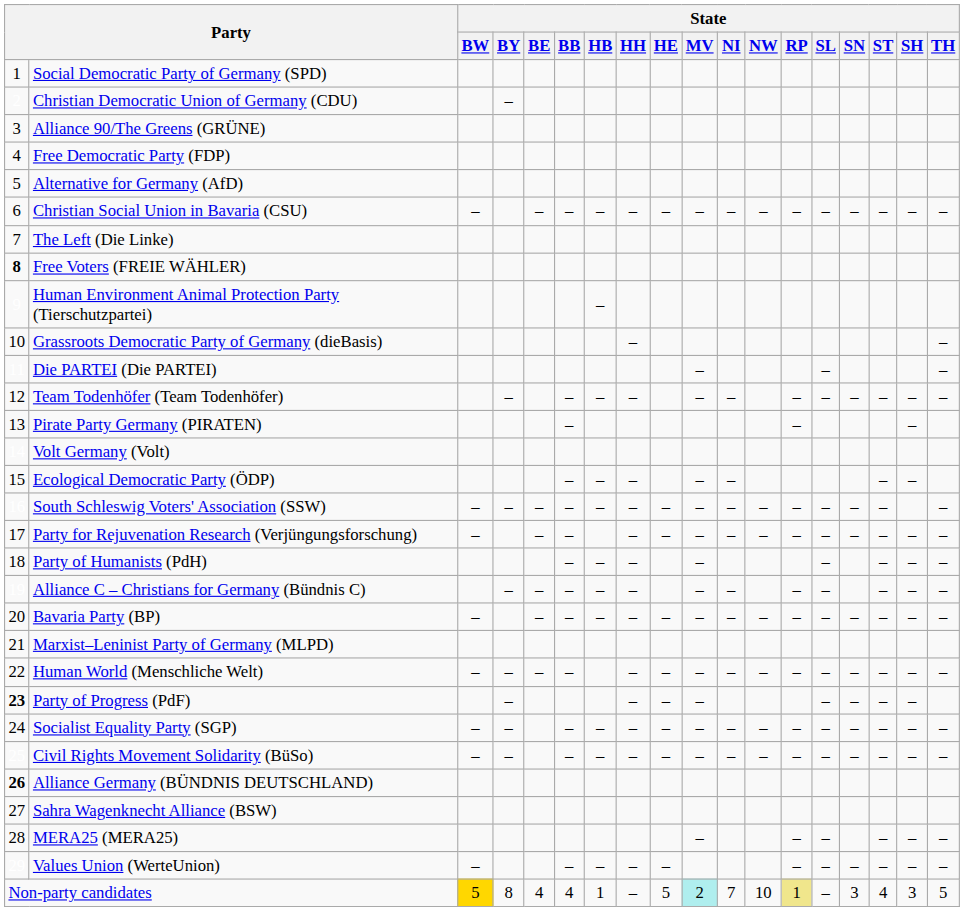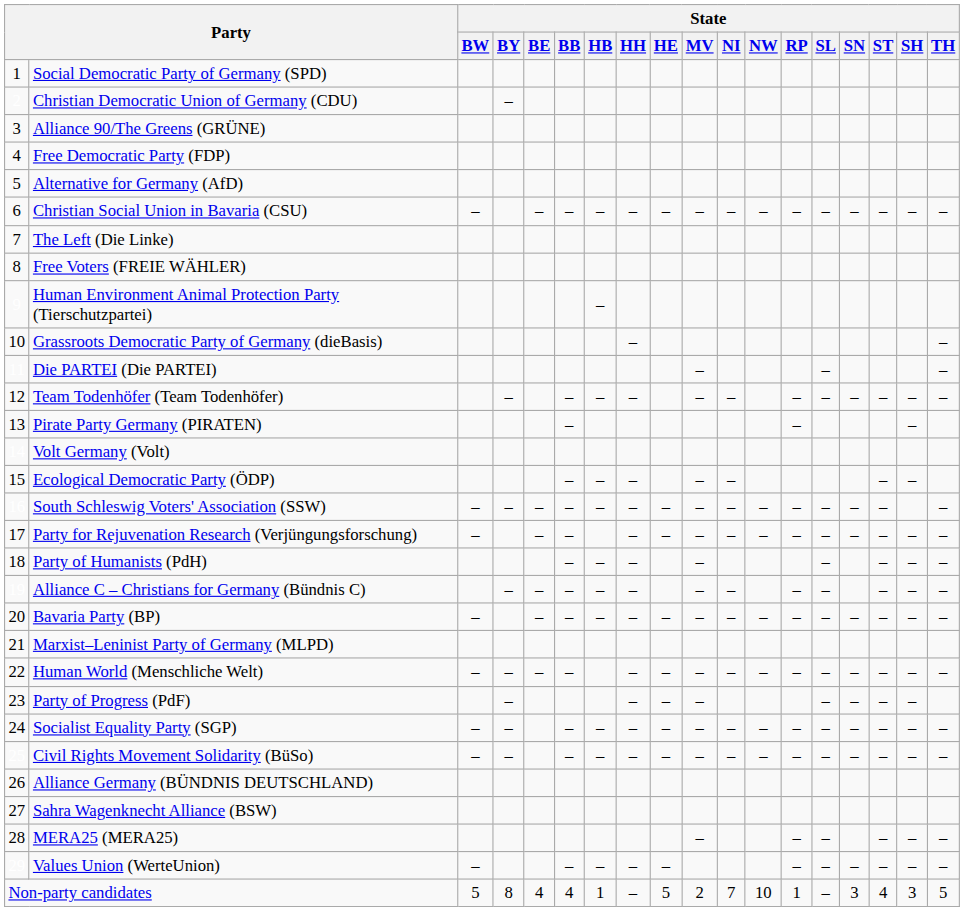 <table class="wikitable" style="font-size:95%; text-align:center">
 <tr>
 <th colspan="2" rowspan="2">Party</th>
 <th colspan="16">State</th>
 </tr>
 <tr>
 <th style="width:18px"><a href='#'>BW</a></th>
 <th style="width:18px"><a href='#'>BY</a></th>
 <th style="width:18px"><a href='#'>BE</a></th>
 <th style="width:18px"><a href='#'>BB</a></th>
 <th style="width:18px"><a href='#'>HB</a></th>
 <th style="width:18px"><a href='#'>HH</a></th>
 <th style="width:18px"><a href='#'>HE</a></th>
 <th style="width:18px"><a href='#'>MV</a></th>
 <th style="width:18px"><a href='#'>NI</a></th>
 <th style="width:18px"><a href='#'>NW</a></th>
 <th style="width:18px"><a href='#'>RP</a></th>
 <th style="width:18px"><a href='#'>SL</a></th>
 <th style="width:18px"><a href='#'>SN</a></th>
 <th style="width:18px"><a href='#'>ST</a></th>
 <th style="width:18px"><a href='#'>SH</a></th>
 <th style="width:18px"><a href='#'>TH</a></th>
 </tr>
 <tr>
 <td style="background-color: ">1</td>
 <td align="left"><a href='#'>Social Democratic Party of Germany</a> (SPD)</td>
 <td></td>
 <td></td>
 <td></td>
 <td></td>
 <td></td>
 <td></td>
 <td></td>
 <td></td>
 <td></td>
 <td></td>
 <td></td>
 <td></td>
 <td></td>
 <td></td>
 <td></td>
 <td></td>
 </tr>
 <tr>
 <td style="color: white; background-color: ">2</td>
 <td align="left"><a href='#'>Christian Democratic Union of Germany</a> (CDU)</td>
 <td></td>
 <td>–</td>
 <td></td>
 <td></td>
 <td></td>
 <td></td>
 <td></td>
 <td></td>
 <td></td>
 <td></td>
 <td></td>
 <td></td>
 <td></td>
 <td></td>
 <td></td>
 <td></td>
 </tr>
 <tr>
 <td style="background-color: ">3</td>
 <td align="left"><a href='#'>Alliance 90/The Greens</a> (GRÜNE)</td>
 <td></td>
 <td></td>
 <td></td>
 <td></td>
 <td></td>
 <td></td>
 <td></td>
 <td></td>
 <td></td>
 <td></td>
 <td></td>
 <td></td>
 <td></td>
 <td></td>
 <td></td>
 <td></td>
 </tr>
 <tr>
 <td style="background-color: ">4</td>
 <td align="left"><a href='#'>Free Democratic Party</a> (FDP)</td>
 <td></td>
 <td></td>
 <td></td>
 <td></td>
 <td></td>
 <td></td>
 <td></td>
 <td></td>
 <td></td>
 <td></td>
 <td></td>
 <td></td>
 <td></td>
 <td></td>
 <td></td>
 <td></td>
 </tr>
 <tr>
 <td style="background-color: ">5</td>
 <td align="left"><a href='#'>Alternative for Germany</a> (AfD)</td>
 <td></td>
 <td></td>
 <td></td>
 <td></td>
 <td></td>
 <td></td>
 <td></td>
 <td></td>
 <td></td>
 <td></td>
 <td></td>
 <td></td>
 <td></td>
 <td></td>
 <td></td>
 <td></td>
 </tr>
 <tr>
 <td style="background-color: ">6</td>
 <td align="left"><a href='#'>Christian Social Union in Bavaria</a> (CSU)</td>
 <td>–</td>
 <td></td>
 <td>–</td>
 <td>–</td>
 <td>–</td>
 <td>–</td>
 <td>–</td>
 <td>–</td>
 <td>–</td>
 <td>–</td>
 <td>–</td>
 <td>–</td>
 <td>–</td>
 <td>–</td>
 <td>–</td>
 <td>–</td>
 </tr>
 <tr>
 <td style="background-color: ">7</td>
 <td align="left"><a href='#'>The Left</a> (Die Linke)</td>
 <td></td>
 <td></td>
 <td></td>
 <td></td>
 <td></td>
 <td></td>
 <td></td>
 <td></td>
 <td></td>
 <td></td>
 <td></td>
 <td></td>
 <td></td>
 <td></td>
 <td></td>
 <td></td>
 </tr>
 <tr>
-<td style="background-color: "><strong>8</strong></td>
+<td style="background-color: ">8</td>
 <td align="left"><a href='#'>Free Voters</a> (FREIE WÄHLER)</td>
 <td></td>
 <td></td>
 <td></td>
 <td></td>
 <td></td>
 <td></td>
 <td></td>
 <td></td>
 <td></td>
 <td></td>
 <td></td>
 <td></td>
 <td></td>
 <td></td>
 <td></td>
 <td></td>
 </tr>
 <tr>
 <td style="color: white; background-color: ">9</td>
 <td align="left"><a href='#'>Human Environment Animal Protection Party</a> (Tierschutzpartei)</td>
 <td></td>
 <td></td>
 <td></td>
 <td></td>
 <td>–</td>
 <td></td>
 <td></td>
 <td></td>
 <td></td>
 <td></td>
 <td></td>
 <td></td>
 <td></td>
 <td></td>
 <td></td>
 <td></td>
 </tr>
 <tr>
 <td style="background-color: ">10</td>
 <td align="left"><a href='#'>Grassroots Democratic Party of Germany</a> (dieBasis)</td>
 <td></td>
 <td></td>
 <td></td>
 <td></td>
 <td></td>
 <td>–</td>
 <td></td>
 <td></td>
 <td></td>
 <td></td>
 <td></td>
 <td></td>
 <td></td>
 <td></td>
 <td></td>
 <td>–</td>
 </tr>
 <tr>
 <td style="color: white; background-color: ">11</td>
 <td align="left"><a href='#'>Die PARTEI</a> (Die PARTEI)</td>
 <td></td>
 <td></td>
 <td></td>
 <td></td>
 <td></td>
 <td></td>
 <td></td>
 <td>–</td>
 <td></td>
 <td></td>
 <td></td>
 <td>–</td>
 <td></td>
 <td></td>
 <td></td>
 <td>–</td>
 </tr>
 <tr>
 <td style="background-color: ">12</td>
 <td align="left"><a href='#'>Team Todenhöfer</a> (Team Todenhöfer)</td>
 <td></td>
 <td>–</td>
 <td></td>
 <td>–</td>
 <td>–</td>
 <td>–</td>
 <td></td>
 <td>–</td>
 <td>–</td>
 <td></td>
 <td>–</td>
 <td>–</td>
 <td>–</td>
 <td>–</td>
 <td>–</td>
 <td>–</td>
 </tr>
 <tr>
 <td style="background-color: ">13</td>
 <td align="left"><a href='#'>Pirate Party Germany</a> (PIRATEN)</td>
 <td></td>
 <td></td>
 <td></td>
 <td>–</td>
 <td></td>
 <td></td>
 <td></td>
 <td></td>
 <td></td>
 <td></td>
 <td>–</td>
 <td></td>
 <td></td>
 <td></td>
 <td>–</td>
 <td></td>
 </tr>
 <tr>
 <td style="color: white; background-color: ">14</td>
 <td align="left"><a href='#'>Volt Germany</a> (Volt)</td>
 <td></td>
 <td></td>
 <td></td>
 <td></td>
 <td></td>
 <td></td>
 <td></td>
 <td></td>
 <td></td>
 <td></td>
 <td></td>
 <td></td>
 <td></td>
 <td></td>
 <td></td>
 <td></td>
 </tr>
 <tr>
 <td style="background-color: ">15</td>
 <td align="left"><a href='#'>Ecological Democratic Party</a> (ÖDP)</td>
 <td></td>
 <td></td>
 <td></td>
 <td>–</td>
 <td>–</td>
 <td>–</td>
 <td></td>
 <td>–</td>
 <td>–</td>
 <td></td>
 <td></td>
 <td></td>
 <td></td>
 <td>–</td>
 <td>–</td>
 <td></td>
 </tr>
 <tr>
 <td style="color: white; background-color: ">16</td>
 <td align="left"><a href='#'>South Schleswig Voters' Association</a> (SSW)</td>
 <td>–</td>
 <td>–</td>
 <td>–</td>
 <td>–</td>
 <td>–</td>
 <td>–</td>
 <td>–</td>
 <td>–</td>
 <td>–</td>
 <td>–</td>
 <td>–</td>
 <td>–</td>
 <td>–</td>
 <td>–</td>
 <td></td>
 <td>–</td>
 </tr>
 <tr>
 <td style="background-color: ">17</td>
 <td align="left"><a href='#'>Party for Rejuvenation Research</a> (Verjüngungsforschung)</td>
 <td>–</td>
 <td></td>
 <td>–</td>
 <td>–</td>
 <td></td>
 <td>–</td>
 <td>–</td>
 <td>–</td>
 <td>–</td>
 <td>–</td>
 <td>–</td>
 <td>–</td>
 <td>–</td>
 <td>–</td>
 <td>–</td>
 <td>–</td>
 </tr>
 <tr>
 <td style="background-color: ">18</td>
 <td align="left"><a href='#'>Party of Humanists</a> (PdH)</td>
 <td></td>
 <td></td>
 <td></td>
 <td>–</td>
 <td>–</td>
 <td>–</td>
 <td></td>
 <td>–</td>
 <td></td>
 <td></td>
 <td></td>
 <td>–</td>
 <td></td>
 <td>–</td>
 <td>–</td>
 <td>–</td>
 </tr>
 <tr>
 <td style="color: white; background-color: ">19</td>
 <td align="left"><a href='#'>Alliance C – Christians for Germany</a> (Bündnis C)</td>
 <td></td>
 <td>–</td>
 <td>–</td>
 <td>–</td>
 <td>–</td>
 <td>–</td>
 <td></td>
 <td>–</td>
 <td>–</td>
 <td></td>
 <td>–</td>
 <td>–</td>
 <td></td>
 <td>–</td>
 <td>–</td>
 <td>–</td>
 </tr>
 <tr>
 <td style="background-color: ">20</td>
 <td align="left"><a href='#'>Bavaria Party</a> (BP)</td>
 <td>–</td>
 <td></td>
 <td>–</td>
 <td>–</td>
 <td>–</td>
 <td>–</td>
 <td>–</td>
 <td>–</td>
 <td>–</td>
 <td>–</td>
 <td>–</td>
 <td>–</td>
 <td>–</td>
 <td>–</td>
 <td>–</td>
 <td>–</td>
 </tr>
 <tr>
 <td style="background-color: ">21</td>
 <td align="left"><a href='#'>Marxist–Leninist Party of Germany</a> (MLPD)</td>
 <td></td>
 <td></td>
 <td></td>
 <td></td>
 <td></td>
 <td></td>
 <td></td>
 <td></td>
 <td></td>
 <td></td>
 <td></td>
 <td></td>
 <td></td>
 <td></td>
 <td></td>
 <td></td>
 </tr>
 <tr>
 <td style="background-color: ">22</td>
 <td align="left"><a href='#'>Human World</a> (Menschliche Welt)</td>
 <td>–</td>
 <td>–</td>
 <td>–</td>
 <td>–</td>
 <td></td>
 <td>–</td>
 <td>–</td>
 <td>–</td>
 <td>–</td>
 <td>–</td>
 <td>–</td>
 <td>–</td>
 <td>–</td>
 <td>–</td>
 <td>–</td>
 <td>–</td>
 </tr>
 <tr>
-<td style="background-color: "><strong>23</strong></td>
+<td style="background-color: ">23</td>
 <td align="left"><a href='#'>Party of Progress</a> (PdF)</td>
 <td></td>
 <td>–</td>
 <td></td>
 <td></td>
 <td></td>
 <td>–</td>
 <td>–</td>
 <td>–</td>
 <td></td>
 <td></td>
 <td></td>
 <td>–</td>
 <td>–</td>
 <td>–</td>
 <td>–</td>
 <td></td>
 </tr>
 <tr>
 <td style="background-color: ">24</td>
 <td align="left"><a href='#'>Socialist Equality Party</a> (SGP)</td>
 <td>–</td>
 <td>–</td>
 <td></td>
 <td>–</td>
 <td>–</td>
 <td>–</td>
 <td>–</td>
 <td>–</td>
 <td>–</td>
 <td>–</td>
 <td>–</td>
 <td>–</td>
 <td>–</td>
 <td>–</td>
 <td>–</td>
 <td>–</td>
 </tr>
 <tr>
 <td style="color: white; background-color: ">25</td>
 <td align="left"><a href='#'>Civil Rights Movement Solidarity</a> (BüSo)</td>
 <td>–</td>
 <td>–</td>
 <td></td>
 <td>–</td>
 <td>–</td>
 <td>–</td>
 <td>–</td>
 <td>–</td>
 <td>–</td>
 <td>–</td>
 <td>–</td>
 <td>–</td>
 <td>–</td>
 <td>–</td>
 <td>–</td>
 <td>–</td>
 </tr>
 <tr>
-<td style="background-color: "><strong>26</strong></td>
+<td style="background-color: ">26</td>
 <td align="left"><a href='#'>Alliance Germany</a> (BÜNDNIS DEUTSCHLAND)</td>
 <td></td>
 <td></td>
 <td></td>
 <td></td>
 <td></td>
 <td></td>
 <td></td>
 <td></td>
 <td></td>
 <td></td>
 <td></td>
 <td></td>
 <td></td>
 <td></td>
 <td></td>
 <td></td>
 </tr>
 <tr>
 <td style="background-color: ">27</td>
 <td align="left"><a href='#'>Sahra Wagenknecht Alliance</a> (BSW)</td>
 <td></td>
 <td></td>
 <td></td>
 <td></td>
 <td></td>
 <td></td>
 <td></td>
 <td></td>
 <td></td>
 <td></td>
 <td></td>
 <td></td>
 <td></td>
 <td></td>
 <td></td>
 <td></td>
 </tr>
 <tr>
 <td style="background-color: ">28</td>
 <td align="left"><a href='#'>MERA25</a> (MERA25)</td>
 <td></td>
 <td></td>
 <td></td>
 <td></td>
 <td></td>
 <td></td>
 <td></td>
 <td>–</td>
 <td></td>
 <td></td>
 <td>–</td>
 <td>–</td>
 <td></td>
 <td>–</td>
 <td>–</td>
 <td>–</td>
 </tr>
 <tr>
 <td style="color: white; background-color: ">29</td>
 <td align="left"><a href='#'>Values Union</a> (WerteUnion)</td>
 <td>–</td>
 <td></td>
 <td></td>
 <td>–</td>
 <td>–</td>
 <td>–</td>
 <td>–</td>
 <td></td>
 <td></td>
 <td></td>
 <td>–</td>
 <td>–</td>
 <td>–</td>
 <td>–</td>
 <td>–</td>
 <td>–</td>
 </tr>
 <tr>
 <td align="left" colspan="2"><a href='#'>Non-party candidates</a></td>
-<td style="background: gold;">5</td>
+<td>5</td>
 <td>8</td>
 <td>4</td>
 <td>4</td>
 <td>1</td>
 <td>–</td>
 <td>5</td>
-<td style="background: paleturquoise;">2</td>
+<td>2</td>
 <td>7</td>
 <td>10</td>
-<td style="background: khaki;">1</td>
+<td>1</td>
 <td>–</td>
 <td>3</td>
 <td>4</td>
 <td>3</td>
 <td>5</td>
 </tr>
 </table>
